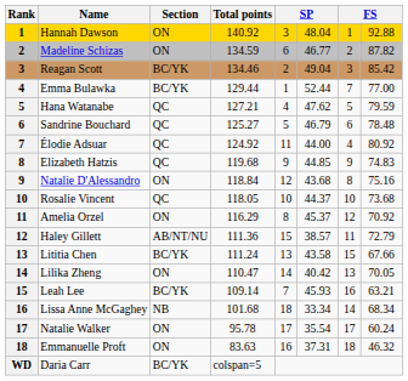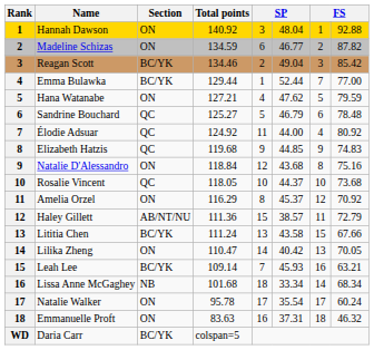 <table class="wikitable sortable">
 <tr>
 <th>Rank</th>
 <th>Name</th>
 <th>Section</th>
 <th>Total points</th>
 <th colspan="2" width="80px"><a href='#'>SP</a></th>
 <th colspan="2" width="80px"><a href='#'>FS</a></th>
 </tr>
 <tr bgcolor="gold">
 <td align="center"><strong>1</strong></td>
 <td>Hannah Dawson</td>
 <td>ON</td>
 <td align="center">140.92</td>
 <td align="center">3</td>
 <td align="center">48.04</td>
 <td align="center">1</td>
 <td align="center">92.88</td>
 </tr>
 <tr bgcolor="silver">
 <td align="center"><strong>2</strong></td>
 <td><a href='#'>Madeline Schizas</a></td>
 <td>ON</td>
 <td align="center">134.59</td>
 <td align="center">6</td>
 <td align="center">46.77</td>
 <td align="center">2</td>
 <td align="center">87.82</td>
 </tr>
 <tr bgcolor="cc9966">
 <td align="center"><strong>3</strong></td>
 <td>Reagan Scott</td>
 <td>BC/YK</td>
 <td align="center">134.46</td>
 <td align="center">2</td>
 <td align="center">49.04</td>
 <td align="center">3</td>
 <td align="center">85.42</td>
 </tr>
 <tr>
 <th>4</th>
 <td>Emma Bulawka</td>
 <td>BC/YK</td>
 <td align="center">129.44</td>
 <td align="center">1</td>
 <td align="center">52.44</td>
 <td align="center">7</td>
 <td align="center">77.00</td>
 </tr>
 <tr>
 <th>5</th>
 <td>Hana Watanabe</td>
-<td>QC</td>
+<td>ON</td>
 <td align="center">127.21</td>
 <td align="center">4</td>
 <td align="center">47.62</td>
 <td align="center">5</td>
 <td align="center">79.59</td>
 </tr>
 <tr>
 <th>6</th>
 <td>Sandrine Bouchard</td>
 <td>QC</td>
 <td align="center">125.27</td>
 <td align="center">5</td>
 <td align="center">46.79</td>
 <td align="center">6</td>
 <td align="center">78.48</td>
 </tr>
 <tr>
 <th>7</th>
 <td>Élodie Adsuar</td>
 <td>QC</td>
 <td align="center">124.92</td>
 <td align="center">11</td>
 <td align="center">44.00</td>
 <td align="center">4</td>
 <td align="center">80.92</td>
 </tr>
 <tr>
 <th>8</th>
 <td>Elizabeth Hatzis</td>
 <td>QC</td>
 <td align="center">119.68</td>
 <td align="center">9</td>
 <td align="center">44.85</td>
 <td align="center">9</td>
 <td align="center">74.83</td>
 </tr>
 <tr>
 <th>9</th>
 <td><a href='#'>Natalie D'Alessandro</a></td>
 <td>ON</td>
 <td align="center">118.84</td>
 <td align="center">12</td>
 <td align="center">43.68</td>
 <td align="center">8</td>
 <td align="center">75.16</td>
 </tr>
 <tr>
 <th>10</th>
 <td>Rosalie Vincent</td>
 <td>QC</td>
 <td align="center">118.05</td>
 <td align="center">10</td>
 <td align="center">44.37</td>
 <td align="center">10</td>
 <td align="center">73.68</td>
 </tr>
 <tr>
 <th>11</th>
 <td>Amelia Orzel</td>
 <td>ON</td>
 <td align="center">116.29</td>
 <td align="center">8</td>
 <td align="center">45.37</td>
 <td align="center">12</td>
 <td align="center">70.92</td>
 </tr>
 <tr>
 <th>12</th>
 <td>Haley Gillett</td>
 <td>AB/NT/NU</td>
 <td align="center">111.36</td>
 <td align="center">15</td>
 <td align="center">38.57</td>
 <td align="center">11</td>
 <td align="center">72.79</td>
 </tr>
 <tr>
 <th>13</th>
 <td>Lititia Chen</td>
 <td>BC/YK</td>
 <td align="center">111.24</td>
 <td align="center">13</td>
 <td align="center">43.58</td>
 <td align="center">15</td>
 <td align="center">67.66</td>
 </tr>
 <tr>
 <th>14</th>
 <td>Lilika Zheng</td>
 <td>ON</td>
 <td align="center">110.47</td>
 <td align="center">14</td>
 <td align="center">40.42</td>
 <td align="center">13</td>
 <td align="center">70.05</td>
 </tr>
 <tr>
 <th>15</th>
 <td>Leah Lee</td>
 <td>BC/YK</td>
 <td align="center">109.14</td>
 <td align="center">7</td>
 <td align="center">45.93</td>
 <td align="center">16</td>
 <td align="center">63.21</td>
 </tr>
 <tr>
 <th>16</th>
 <td>Lissa Anne McGaghey</td>
 <td>NB</td>
 <td align="center">101.68</td>
 <td align="center">18</td>
 <td align="center">33.34</td>
 <td align="center">14</td>
 <td align="center">68.34</td>
 </tr>
 <tr>
 <th>17</th>
 <td>Natalie Walker</td>
 <td>ON</td>
 <td align="center">95.78</td>
 <td align="center">17</td>
 <td align="center">35.54</td>
 <td align="center">17</td>
 <td align="center">60.24</td>
 </tr>
 <tr>
 <th>18</th>
 <td>Emmanuelle Proft</td>
 <td>ON</td>
 <td align="center">83.63</td>
 <td align="center">16</td>
 <td align="center">37.31</td>
 <td align="center">18</td>
 <td align="center">46.32</td>
 </tr>
 <tr>
 <th>WD</th>
 <td>Daria Carr</td>
 <td>BC/YK</td>
 <td>colspan=5 </td>
 </tr>
 </table>
